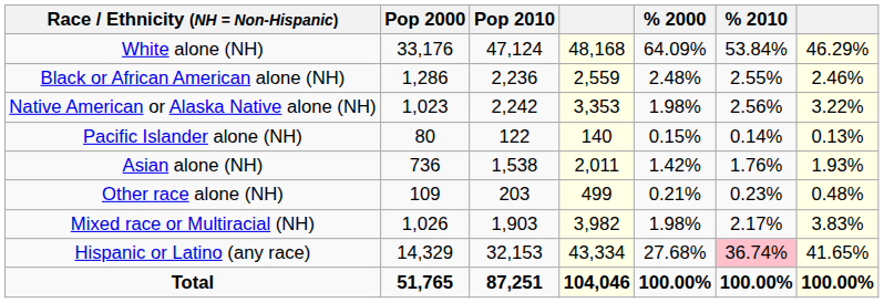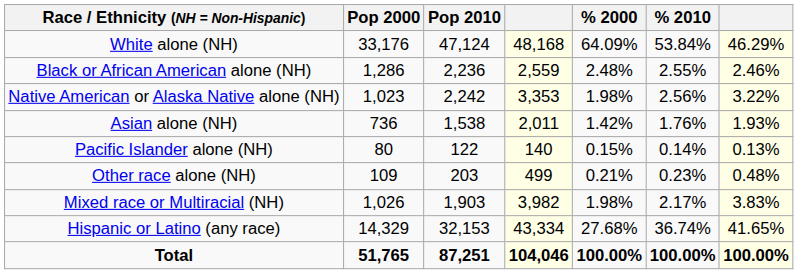 <table class="wikitable" style="text-align:center;">
 <tr>
 <th>Race / Ethnicity <small>(<em>NH = Non-Hispanic</em>)</small></th>
 <th>Pop 2000</th>
 <th>Pop 2010</th>
 <th></th>
 <th>% 2000</th>
 <th>% 2010</th>
 <th></th>
 </tr>
 <tr>
 <td><a href='#'>White</a> alone (NH)</td>
 <td>33,176</td>
 <td>47,124</td>
 <td style='background: #ffffe6;'>48,168</td>
 <td>64.09%</td>
 <td>53.84%</td>
 <td style='background: #ffffe6;'>46.29%</td>
 </tr>
 <tr>
 <td><a href='#'>Black or African American</a> alone (NH)</td>
 <td>1,286</td>
 <td>2,236</td>
 <td style='background: #ffffe6;'>2,559</td>
 <td>2.48%</td>
 <td>2.55%</td>
 <td style='background: #ffffe6;'>2.46%</td>
 </tr>
 <tr>
 <td><a href='#'>Native American</a> or <a href='#'>Alaska Native</a> alone (NH)</td>
 <td>1,023</td>
 <td>2,242</td>
 <td style='background: #ffffe6;'>3,353</td>
 <td>1.98%</td>
 <td>2.56%</td>
 <td style='background: #ffffe6;'>3.22%</td>
 </tr>
 <tr>
+<td><a href='#'>Asian</a> alone (NH)</td>
+<td>736</td>
+<td>1,538</td>
+<td style='background: #ffffe6;'>2,011</td>
+<td>1.42%</td>
+<td>1.76%</td>
+<td style='background: #ffffe6;'>1.93%</td>
+</tr>
+<tr>
 <td><a href='#'>Pacific Islander</a> alone (NH)</td>
 <td>80</td>
 <td>122</td>
 <td style='background: #ffffe6;'>140</td>
 <td>0.15%</td>
 <td>0.14%</td>
 <td style='background: #ffffe6;'>0.13%</td>
-</tr>
-<tr>
-<td><a href='#'>Asian</a> alone (NH)</td>
-<td>736</td>
-<td>1,538</td>
-<td style='background: #ffffe6;'>2,011</td>
-<td>1.42%</td>
-<td>1.76%</td>
-<td style='background: #ffffe6;'>1.93%</td>
 </tr>
 <tr>
 <td><a href='#'>Other race</a> alone (NH)</td>
 <td>109</td>
 <td>203</td>
 <td style='background: #ffffe6;'>499</td>
 <td>0.21%</td>
 <td>0.23%</td>
 <td style='background: #ffffe6;'>0.48%</td>
 </tr>
 <tr>
 <td><a href='#'>Mixed race or Multiracial</a> (NH)</td>
 <td>1,026</td>
 <td>1,903</td>
 <td style='background: #ffffe6;'>3,982</td>
 <td>1.98%</td>
 <td>2.17%</td>
 <td style='background: #ffffe6;'>3.83%</td>
 </tr>
 <tr>
 <td><a href='#'>Hispanic or Latino</a> (any race)</td>
 <td>14,329</td>
 <td>32,153</td>
 <td style='background: #ffffe6;'>43,334</td>
 <td>27.68%</td>
-<td style="background: pink;">36.74%</td>
+<td>36.74%</td>
 <td style='background: #ffffe6;'>41.65%</td>
 </tr>
 <tr>
 <td><strong>Total</strong></td>
 <td><strong>51,765</strong></td>
 <td><strong>87,251</strong></td>
 <td style='background: #ffffe6;'><strong>104,046</strong></td>
 <td><strong>100.00%</strong></td>
 <td><strong>100.00%</strong></td>
 <td style='background: #ffffe6;'><strong>100.00%</strong></td>
 </tr>
 </table>
